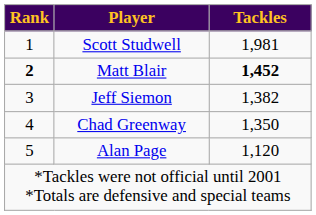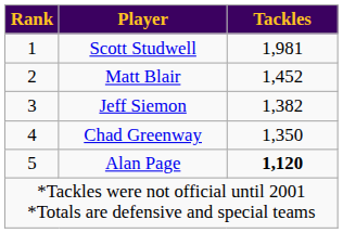 <table class="wikitable" style="text-align:center">
 <tr>
 <th width=40px style="background:#3b0160;color:#ffc322">Rank</th>
 <th width=140px style="background:#3b0160;color:#ffc322">Player</th>
 <th width=90px style="background:#3b0160;color:#ffc322">Tackles</th>
 </tr>
 <tr>
 <td>1</td>
 <td><a href='#'>Scott Studwell</a></td>
 <td>1,981</td>
 </tr>
 <tr>
-<td><strong>2</strong></td>
+<td>2</td>
 <td><a href='#'>Matt Blair</a></td>
-<td><strong>1,452</strong></td>
+<td>1,452</td>
 </tr>
 <tr>
 <td>3</td>
 <td><a href='#'>Jeff Siemon</a></td>
 <td>1,382</td>
 </tr>
 <tr>
 <td>4</td>
 <td><a href='#'>Chad Greenway</a></td>
 <td>1,350</td>
 </tr>
 <tr>
 <td>5</td>
 <td><a href='#'>Alan Page</a></td>
-<td>1,120</td>
+<td><strong>1,120</strong></td>
 </tr>
 <tr>
 <td colspan="3">*Tackles were not official until 2001<br>*Totals are defensive and special teams</td>
 </tr>
 </table>
